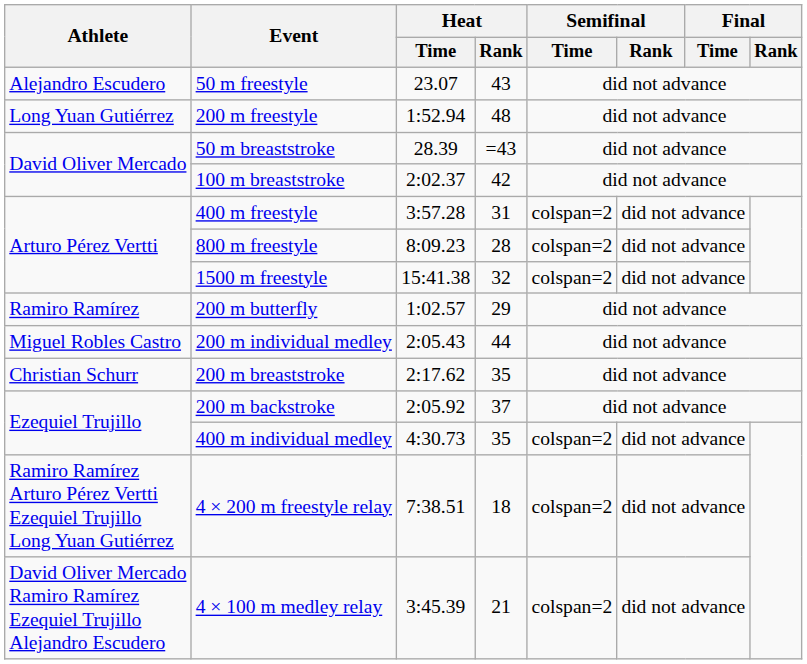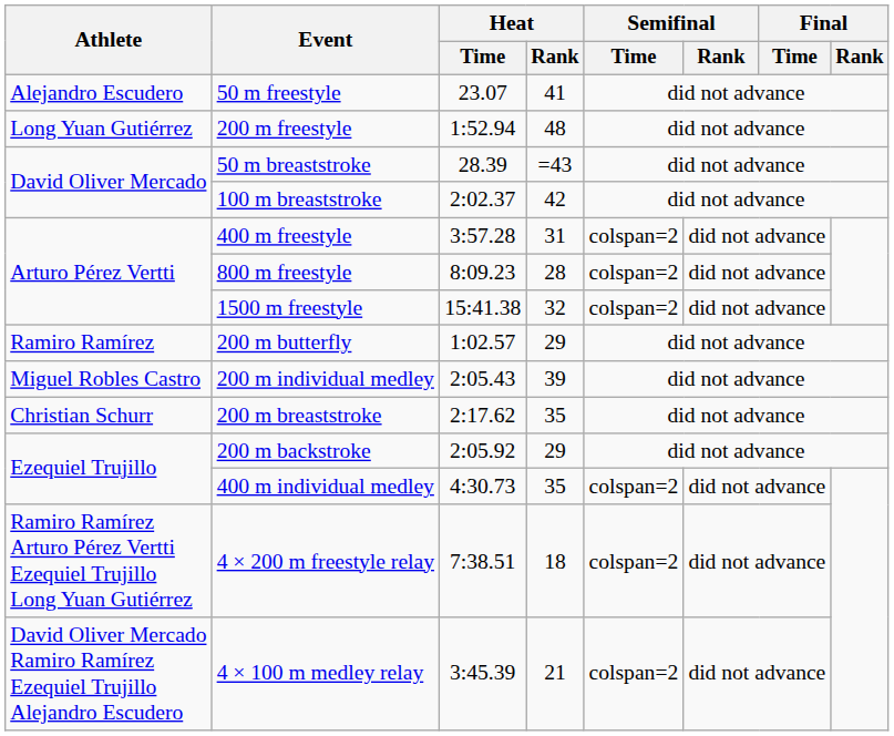 <table class=wikitable style="font-size:90%">
 <tr>
 <th rowspan=2>Athlete</th>
 <th rowspan=2>Event</th>
 <th colspan="2">Heat</th>
 <th colspan="2">Semifinal</th>
 <th colspan="2">Final</th>
 </tr>
 <tr style="font-size:95%">
 <th>Time</th>
 <th>Rank</th>
 <th>Time</th>
 <th>Rank</th>
 <th>Time</th>
 <th>Rank</th>
 </tr>
 <tr align=center>
 <td align=left><a href='#'>Alejandro Escudero</a></td>
 <td align=left><a href='#'>50 m freestyle</a></td>
 <td>23.07</td>
-<td>43</td>
+<td>41</td>
 <td colspan=4>did not advance</td>
 </tr>
 <tr align=center>
 <td align=left><a href='#'>Long Yuan Gutiérrez</a></td>
 <td align=left><a href='#'>200 m freestyle</a></td>
 <td>1:52.94</td>
 <td>48</td>
 <td colspan=4>did not advance</td>
 </tr>
 <tr align=center>
 <td align=left rowspan=2><a href='#'>David Oliver Mercado</a></td>
 <td align=left><a href='#'>50 m breaststroke</a></td>
 <td>28.39</td>
 <td>=43</td>
 <td colspan=4>did not advance</td>
 </tr>
 <tr align=center>
 <td align=left><a href='#'>100 m breaststroke</a></td>
 <td>2:02.37</td>
 <td>42</td>
 <td colspan=4>did not advance</td>
 </tr>
 <tr align=center>
 <td align=left rowspan=3><a href='#'>Arturo Pérez Vertti</a></td>
 <td align=left><a href='#'>400 m freestyle</a></td>
 <td>3:57.28</td>
 <td>31</td>
 <td>colspan=2 </td>
 <td colspan=2>did not advance</td>
 </tr>
 <tr align=center>
 <td align=left><a href='#'>800 m freestyle</a></td>
 <td>8:09.23</td>
 <td>28</td>
 <td>colspan=2 </td>
 <td colspan=2>did not advance</td>
 </tr>
 <tr align=center>
 <td align=left><a href='#'>1500 m freestyle</a></td>
 <td>15:41.38</td>
 <td>32</td>
 <td>colspan=2 </td>
 <td colspan=2>did not advance</td>
 </tr>
 <tr align=center>
 <td align=left><a href='#'>Ramiro Ramírez</a></td>
 <td align=left><a href='#'>200 m butterfly</a></td>
 <td>1:02.57</td>
 <td>29</td>
 <td colspan=4>did not advance</td>
 </tr>
 <tr align=center>
 <td align=left><a href='#'>Miguel Robles Castro</a></td>
 <td align=left><a href='#'>200 m individual medley</a></td>
 <td>2:05.43</td>
-<td>44</td>
+<td>39</td>
 <td colspan=4>did not advance</td>
 </tr>
 <tr align=center>
 <td align=left><a href='#'>Christian Schurr</a></td>
 <td align=left><a href='#'>200 m breaststroke</a></td>
 <td>2:17.62</td>
 <td>35</td>
 <td colspan=4>did not advance</td>
 </tr>
 <tr align=center>
 <td align=left rowspan=2><a href='#'>Ezequiel Trujillo</a></td>
 <td align=left><a href='#'>200 m backstroke</a></td>
 <td>2:05.92</td>
-<td>37</td>
+<td>29</td>
 <td colspan=4>did not advance</td>
 </tr>
 <tr align=center>
 <td align=left><a href='#'>400 m individual medley</a></td>
 <td>4:30.73</td>
 <td>35</td>
 <td>colspan=2 </td>
 <td colspan=2>did not advance</td>
 </tr>
 <tr align=center>
 <td align=left><a href='#'>Ramiro Ramírez</a><br><a href='#'>Arturo Pérez Vertti</a><br><a href='#'>Ezequiel Trujillo</a><br><a href='#'>Long Yuan Gutiérrez</a></td>
 <td align=left><a href='#'>4 × 200 m freestyle relay</a></td>
 <td>7:38.51</td>
 <td>18</td>
 <td>colspan=2 </td>
 <td colspan=2>did not advance</td>
 </tr>
 <tr align=center>
 <td align=left><a href='#'>David Oliver Mercado</a><br><a href='#'>Ramiro Ramírez</a><br><a href='#'>Ezequiel Trujillo</a><br><a href='#'>Alejandro Escudero</a></td>
 <td align=left><a href='#'>4 × 100 m medley relay</a></td>
 <td>3:45.39</td>
 <td>21</td>
 <td>colspan=2 </td>
 <td colspan=2>did not advance</td>
 </tr>
 </table>
